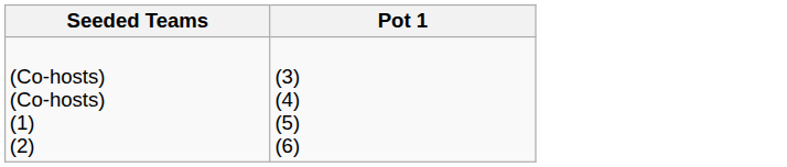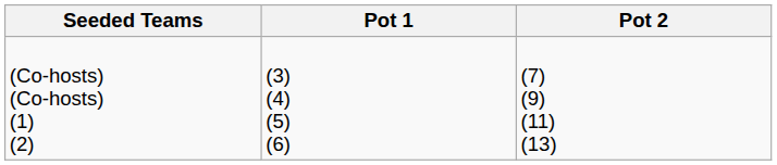 <table class="wikitable">
 <tr>
 <th width=200>Seeded Teams</th>
 <th width=200>Pot 1</th>
+<th width=200>Pot 2</th>
 </tr>
 <tr>
 <td><br> (Co-hosts)<br>  (Co-hosts)<br>  (1)<br>  (2)</td>
 <td><br> (3)<br>  (4)<br>  (5)<br>  (6)</td>
+<td><br> (7)<br>  (9)<br>  (11)<br>  (13)</td>
 </tr>
 </table>
